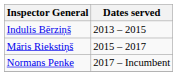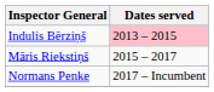 <table class="wikitable">
 <tr>
 <th>Inspector General</th>
 <th>Dates served</th>
 </tr>
 <tr>
 <td><a href='#'>Indulis Bērziņš</a></td>
-<td>2013 – 2015</td>
+<td style="background: pink;">2013 – 2015</td>
 </tr>
 <tr>
 <td><a href='#'>Māris Riekstiņš</a></td>
 <td>2015 – 2017</td>
 </tr>
 <tr>
 <td><a href='#'>Normans Penke</a></td>
 <td>2017 – Incumbent</td>
 </tr>
 <tr>
 </tr>
 </table>
